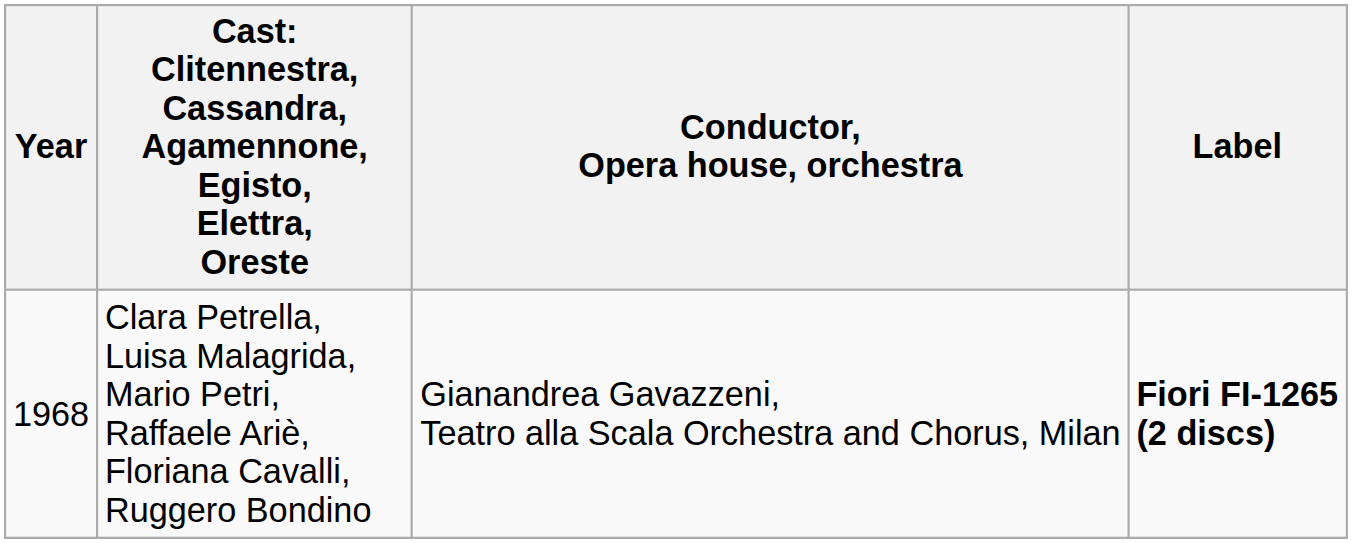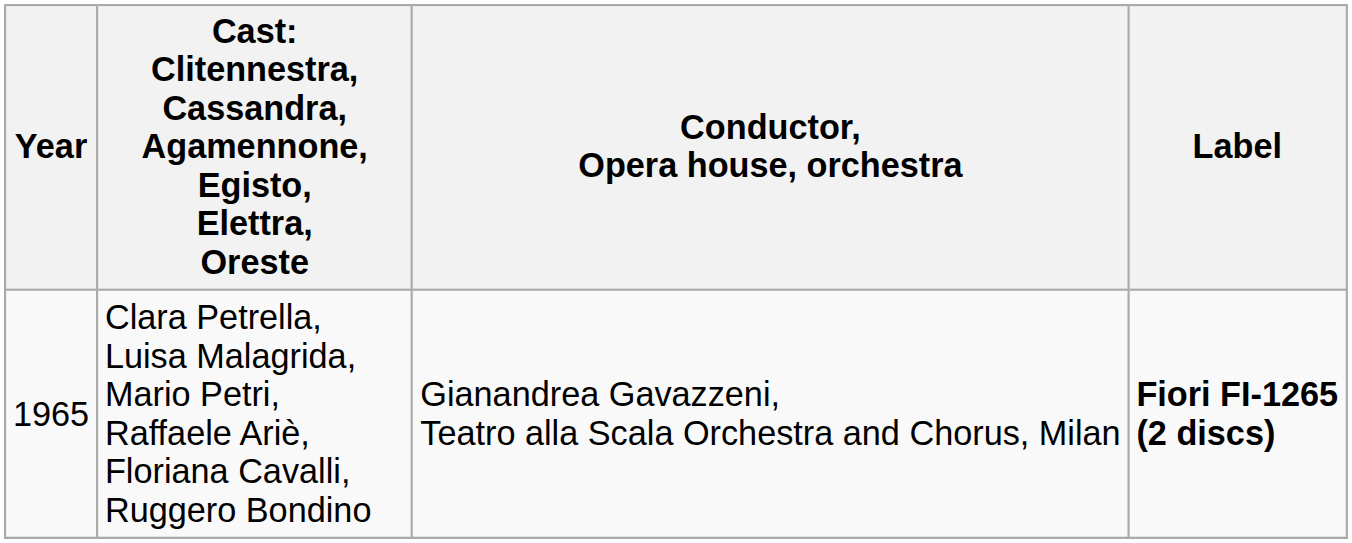 <table class="wikitable">
 <tr>
 <th>Year</th>
 <th width="140">Cast: Clitennestra,<br> Cassandra,<br> Agamennone,<br>Egisto, <br> Elettra,<br> Oreste</th>
 <th>Conductor,<br>Opera house, orchestra</th>
 <th>Label</th>
 </tr>
 <tr>
-<td>1968</td>
+<td>1965</td>
 <td>Clara Petrella,<br>Luisa Malagrida,<br>Mario Petri,<br>Raffaele Ariè,<br>Floriana Cavalli,<br>Ruggero Bondino</td>
 <td>Gianandrea Gavazzeni,<br>Teatro alla Scala Orchestra and Chorus, Milan</td>
 <td><strong>Fiori FI-1265<br>(2 discs)</strong></td>
 </tr>
 <tr>
 </tr>
 </table>
